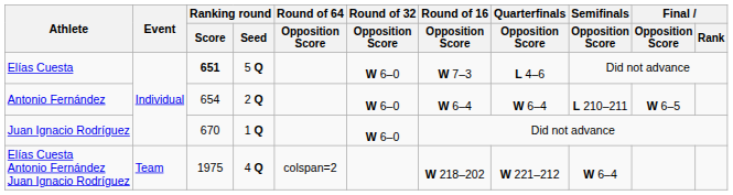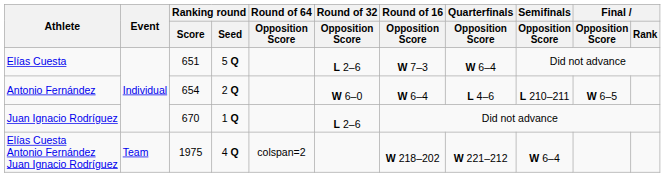 <table class="wikitable" style="font-size:90%">
 <tr>
 <th rowspan=2>Athlete</th>
 <th rowspan=2>Event</th>
 <th colspan=2>Ranking round</th>
 <th>Round of 64</th>
 <th>Round of 32</th>
 <th>Round of 16</th>
 <th>Quarterfinals</th>
 <th>Semifinals</th>
 <th colspan=2>Final / </th>
 </tr>
 <tr style="font-size:95%">
 <th>Score</th>
 <th>Seed</th>
 <th>Opposition<br>Score</th>
 <th>Opposition<br>Score</th>
 <th>Opposition<br>Score</th>
 <th>Opposition<br>Score</th>
 <th>Opposition<br>Score</th>
 <th>Opposition<br>Score</th>
 <th>Rank</th>
 </tr>
 <tr align=center>
 <td align=left><a href='#'>Elías Cuesta</a></td>
 <td align=left rowspan=3><a href='#'>Individual</a></td>
-<td><strong>651</strong></td>
+<td>651</td>
 <td>5 <strong>Q</strong></td>
 <td></td>
-<td><br><strong>W</strong> 6–0</td>
+<td><br><strong>L</strong> 2–6</td>
 <td><br><strong>W</strong> 7–3</td>
-<td><br><strong>L</strong> 4–6</td>
+<td><br><strong>W</strong> 6–4</td>
 <td colspan=3>Did not advance</td>
 </tr>
 <tr align=center>
 <td align=left><a href='#'>Antonio Fernández</a></td>
 <td>654</td>
 <td>2 <strong>Q</strong></td>
 <td></td>
 <td><br><strong>W</strong> 6–0</td>
 <td><br><strong>W</strong> 6–4</td>
-<td><br><strong>W</strong> 6–4</td>
+<td><br><strong>L</strong> 4–6</td>
 <td><br><strong>L</strong> 210–211</td>
 <td><br><strong>W</strong> 6–5</td>
 <td></td>
 </tr>
 <tr align=center>
 <td align=left><a href='#'>Juan Ignacio Rodríguez</a></td>
 <td>670</td>
 <td>1 <strong>Q</strong></td>
 <td></td>
-<td><br><strong>W</strong> 6–0</td>
+<td><br><strong>L</strong> 2–6</td>
 <td colspan=5>Did not advance</td>
 </tr>
 <tr align=center>
 <td align=left><a href='#'>Elías Cuesta</a><br><a href='#'>Antonio Fernández</a><br><a href='#'>Juan Ignacio Rodríguez</a></td>
 <td align=left><a href='#'>Team</a></td>
 <td>1975</td>
 <td>4 <strong>Q</strong></td>
 <td>colspan=2 </td>
 <td></td>
 <td><br><strong>W</strong> 218–202</td>
 <td><br><strong>W</strong> 221–212</td>
 <td><br><strong>W</strong> 6–4</td>
 <td></td>
 </tr>
 </table>
